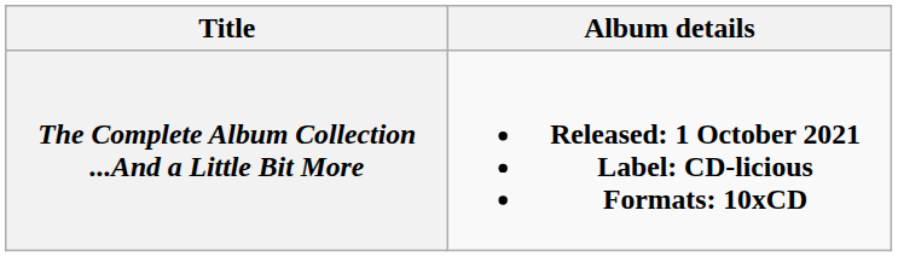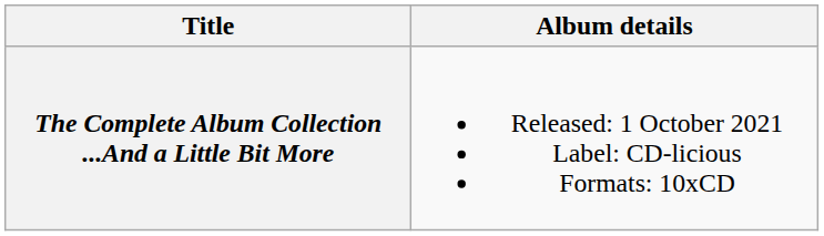 <table class="wikitable plainrowheaders" style="text-align:center;">
 <tr>
 <th scope="col" style="width:15em;">Title</th>
 <th scope="col" style="width:15em;">Album details</th>
 </tr>
 <tr>
 <th scope="row"><em>The Complete Album Collection ...And a Little Bit More</em></th>
-<td><strong><br><ul><li>Released: 1 October 2021</li><li>Label: CD-licious</li><li>Formats: 10xCD</li></ul></strong></td>
+<td><br><ul><li>Released: 1 October 2021</li><li>Label: CD-licious</li><li>Formats: 10xCD</li></ul></td>
 </tr>
 </table>
